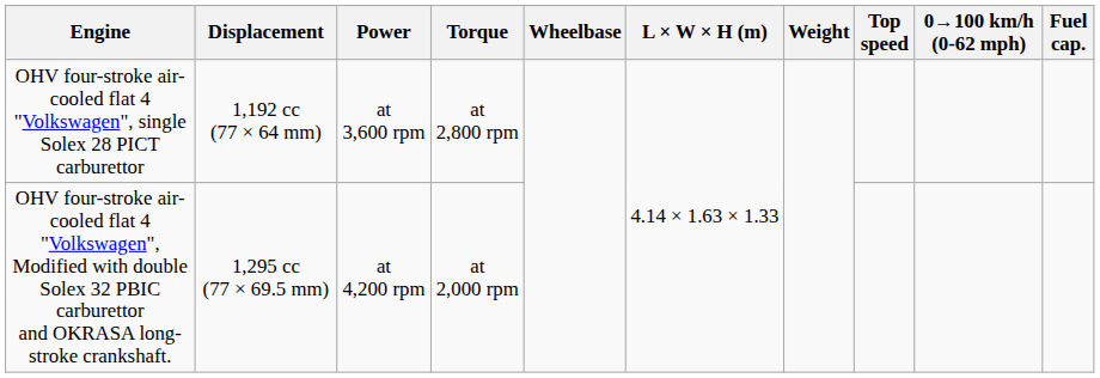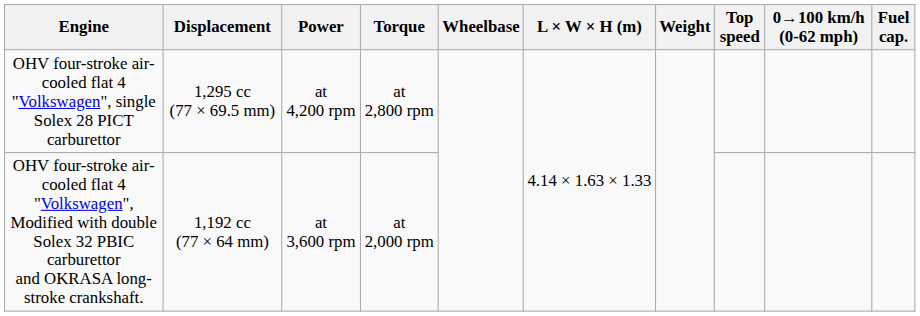 <table class="wikitable" style="text-align:center">
 <tr>
 <th>Engine</th>
 <th>Displacement</th>
 <th>Power</th>
 <th>Torque</th>
 <th>Wheelbase</th>
 <th>L × W × H (m)</th>
 <th>Weight</th>
 <th>Top speed</th>
 <th>0→100 km/h (0-62 mph)</th>
 <th>Fuel cap.</th>
 </tr>
 <tr>
 <td>OHV four-stroke air-cooled flat 4 "<a href='#'>Volkswagen</a>", single Solex 28 PICT carburettor</td>
-<td>1,192 cc (77 × 64 mm)</td>
-<td> at 3,600 rpm</td>
+<td>1,295 cc (77 × 69.5 mm)</td>
+<td> at 4,200 rpm</td>
 <td> at 2,800 rpm</td>
 <td rowspan="2"></td>
 <td rowspan="2">4.14 × 1.63 × 1.33</td>
 <td rowspan="2"></td>
 <td></td>
 <td></td>
 <td></td>
 </tr>
 <tr>
 <td>OHV four-stroke air-cooled flat 4 "<a href='#'>Volkswagen</a>", Modified with double Solex 32 PBIC carburettor<br> and OKRASA long-stroke crankshaft.</td>
-<td>1,295 cc (77 × 69.5 mm)</td>
-<td> at 4,200 rpm</td>
+<td>1,192 cc (77 × 64 mm)</td>
+<td> at 3,600 rpm</td>
 <td> at 2,000 rpm</td>
 <td></td>
 <td></td>
 <td></td>
 </tr>
 </table>
